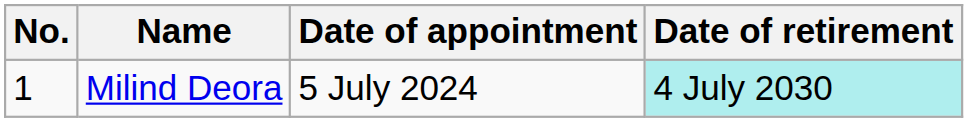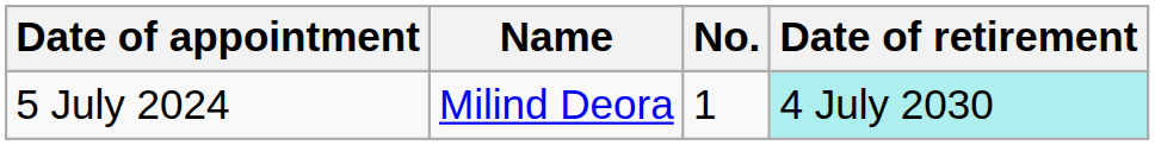 <table class="wikitable sortable">
 <tr>
+<th style="background-color:">Date of appointment</th>
+<th style="background-color:">Name</th>
 <th style="background-color:">No.</th>
-<th style="background-color:">Name</th>
-<th style="background-color:">Date of appointment</th>
 <th style="background-color:">Date of retirement</th>
 </tr>
 <tr>
+<td>5 July 2024</td>
+<td><a href='#'>Milind Deora</a></td>
 <td>1</td>
-<td><a href='#'>Milind Deora</a></td>
-<td>5 July 2024</td>
 <td style="background: paleturquoise;">4 July 2030</td>
 </tr>
 </table>
